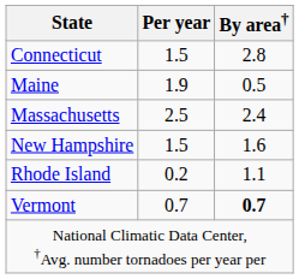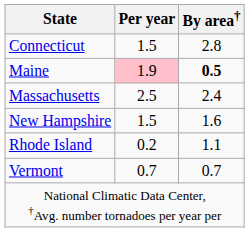 <table class="wikitable" border="1" style="float:right; margin:0 1em 0.5em 1em;">
 <tr>
 <th>State</th>
 <th>Per year</th>
 <th>By area<sup>†</sup></th>
 </tr>
 <tr>
 <td><a href='#'>Connecticut</a></td>
 <td style="text-align:center;">1.5</td>
 <td style="text-align:center;">2.8</td>
 </tr>
 <tr>
 <td><a href='#'>Maine</a></td>
-<td style="text-align:center;">1.9</td>
-<td style="text-align:center;">0.5</td>
+<td style="background: pink; text-align:center;">1.9</td>
+<td style="text-align:center;"><strong>0.5</strong></td>
 </tr>
 <tr>
 <td><a href='#'>Massachusetts</a></td>
 <td style="text-align:center;">2.5</td>
 <td style="text-align:center;">2.4</td>
 </tr>
 <tr>
 <td><a href='#'>New Hampshire</a></td>
 <td style="text-align:center;">1.5</td>
 <td style="text-align:center;">1.6</td>
 </tr>
 <tr>
 <td><a href='#'>Rhode Island</a></td>
 <td style="text-align:center;">0.2</td>
 <td style="text-align:center;">1.1</td>
 </tr>
 <tr>
 <td><a href='#'>Vermont</a></td>
 <td style="text-align:center;">0.7</td>
-<td style="text-align:center;"><strong>0.7</strong></td>
+<td style="text-align:center;">0.7</td>
 </tr>
 <tr>
 <td colspan=3 style="text-align:center;"><small>National Climatic Data Center, <br><sup>†</sup>Avg. number tornadoes per year per <br></small></td>
 </tr>
 </table>
